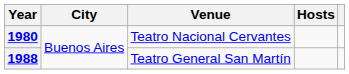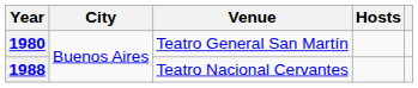 <table class="wikitable plainrowheaders">
 <tr>
 <th>Year</th>
 <th>City</th>
 <th>Venue</th>
 <th>Hosts</th>
 <th></th>
 </tr>
 <tr>
 <th scope="row"><a href='#'>1980</a></th>
 <td rowspan=2><a href='#'>Buenos Aires</a></td>
-<td><a href='#'>Teatro Nacional Cervantes</a></td>
+<td><a href='#'>Teatro General San Martín</a></td>
 <td></td>
 <td></td>
 </tr>
 <tr>
 <th scope="row"><a href='#'>1988</a></th>
-<td><a href='#'>Teatro General San Martín</a></td>
+<td><a href='#'>Teatro Nacional Cervantes</a></td>
 <td></td>
 <td></td>
 </tr>
 </table>
